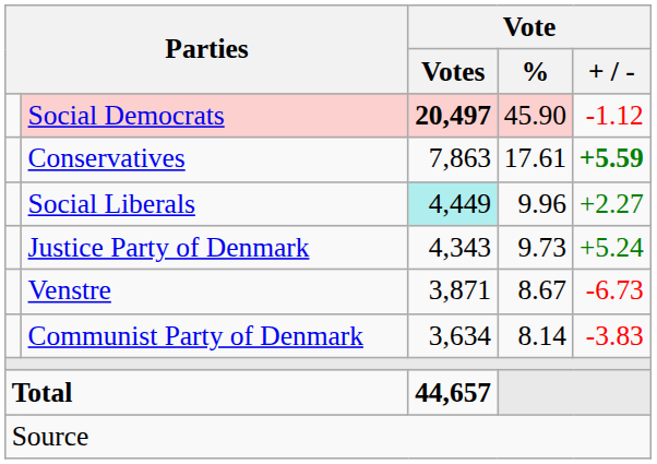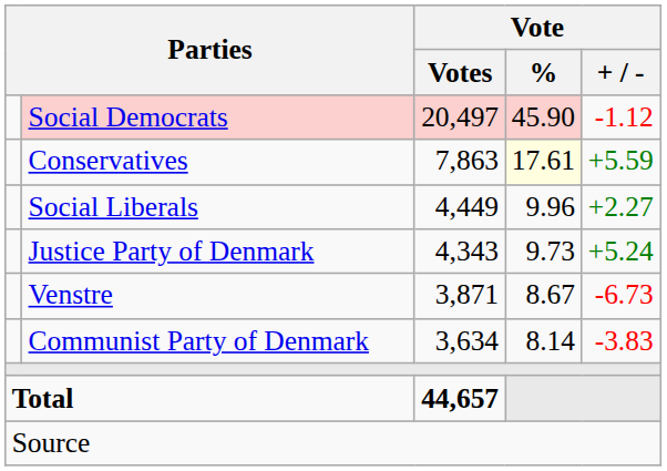 <table class="wikitable" style="text-align:right;">
 <tr>
 <th style="text-align:centre;" rowspan="2" colspan="2" width="225">Parties</th>
 <th colspan="3">Vote</th>
 </tr>
 <tr>
 <th width="15">Votes</th>
 <th width="15">%</th>
 <th width="15">+ / -</th>
 </tr>
 <tr>
 <td width="2" style="color:inherit;background:"></td>
 <td bgcolor=#fbd0ce  align="left"><a href='#'>Social Democrats</a></td>
-<td bgcolor=#fbd0ce><strong>20,497</strong></td>
+<td bgcolor=#fbd0ce>20,497</td>
 <td bgcolor=#fbd0ce>45.90</td>
 <td style=color:red;>-1.12</td>
 </tr>
 <tr>
 <td width="2" style="color:inherit;background:"></td>
 <td align="left"><a href='#'>Conservatives</a></td>
 <td>7,863</td>
-<td>17.61</td>
-<td style=color:green;><strong>+5.59</strong></td>
+<td style="background: lightyellow;">17.61</td>
+<td style=color:green;>+5.59</td>
 </tr>
 <tr>
 <td width="2" style="color:inherit;background:"></td>
 <td align="left"><a href='#'>Social Liberals</a></td>
-<td style="background: paleturquoise;">4,449</td>
+<td>4,449</td>
 <td>9.96</td>
 <td style=color:green;>+2.27</td>
 </tr>
 <tr>
 <td width="2" style="color:inherit;background:"></td>
 <td align="left"><a href='#'>Justice Party of Denmark</a></td>
 <td>4,343</td>
 <td>9.73</td>
 <td style=color:green;>+5.24</td>
 </tr>
 <tr>
 <td width="2" style="color:inherit;background:"></td>
 <td align="left"><a href='#'>Venstre</a></td>
 <td>3,871</td>
 <td>8.67</td>
 <td style=color:red;>-6.73</td>
 </tr>
 <tr>
 <td width="2" style="color:inherit;background:"></td>
 <td align="left"><a href='#'>Communist Party of Denmark</a></td>
 <td>3,634</td>
 <td>8.14</td>
 <td style=color:red;>-3.83</td>
 </tr>
 <tr>
 <td colspan="7" bgcolor="#E9E9E9"></td>
 </tr>
 <tr>
 <td align="left" colspan="2"><strong>Total</strong></td>
 <td><strong>44,657</strong></td>
 <td bgcolor="#E9E9E9" colspan="2"></td>
 </tr>
 <tr>
 <td align="left" colspan="6">Source</td>
 </tr>
 </table>
